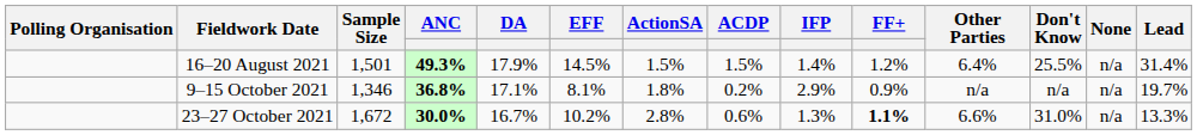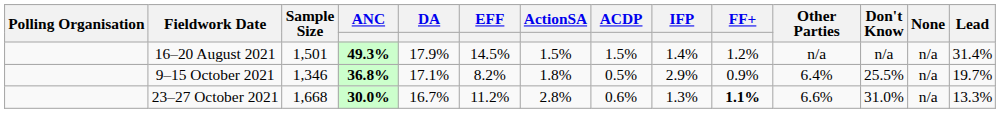 <table class="wikitable sortable mw-datatable" style="text-align:center;font-size:90%;line-height:14px;">
 <tr>
 <th rowspan="2">Polling Organisation</th>
 <th rowspan="2">Fieldwork Date</th>
 <th rowspan="2">Sample<br>Size</th>
 <th class="unsortable" style="width:50px;"><a href='#'>ANC</a></th>
 <th class="unsortable" style="width:50px;"><a href='#'>DA</a></th>
 <th class="unsortable" style="width:50px;"><a href='#'>EFF</a></th>
 <th class="unsortable" style="width:50px;"><a href='#'>ActionSA</a></th>
 <th class="unsortable" style="width:50px;"><a href='#'>ACDP</a></th>
 <th class="unsortable" style="width:50px;"><a href='#'>IFP</a></th>
 <th class="unsortable" style="width:50px;"><a href='#'>FF+</a></th>
 <th rowspan="2" class="unsortable" style="width:75px;">Other Parties</th>
 <th rowspan="2">Don't<br>Know</th>
 <th rowspan="2">None</th>
 <th rowspan="2" data-sort-type="number">Lead</th>
 </tr>
 <tr>
 <th data-sort-type="number" style="background:"></th>
 <th data-sort-type="number" style="background:"></th>
 <th data-sort-type="number" style="background:"></th>
 <th data-sort-type="number" style="background:"></th>
 <th data-sort-type="number" style="background:"></th>
 <th data-sort-type="number" style="background:"></th>
 <th data-sort-type="number" style="background:"></th>
 </tr>
 <tr>
 <td></td>
 <td>16–20 August 2021</td>
 <td>1,501</td>
 <td style="background:#CCFFCC;"><strong>49.3%</strong></td>
 <td>17.9%</td>
 <td>14.5%</td>
 <td>1.5%</td>
 <td>1.5%</td>
 <td>1.4%</td>
 <td>1.2%</td>
-<td>6.4%</td>
-<td>25.5%</td>
+<td>n/a</td>
+<td>n/a</td>
 <td>n/a</td>
 <td style="background:">31.4%</td>
 </tr>
 <tr>
 <td></td>
 <td>9–15 October 2021</td>
 <td>1,346</td>
 <td style="background:#CCFFCC;"><strong>36.8%</strong></td>
 <td>17.1%</td>
-<td>8.1%</td>
+<td>8.2%</td>
 <td>1.8%</td>
-<td>0.2%</td>
+<td>0.5%</td>
 <td>2.9%</td>
 <td>0.9%</td>
-<td>n/a</td>
-<td>n/a</td>
+<td>6.4%</td>
+<td>25.5%</td>
 <td>n/a</td>
 <td style="background:">19.7%</td>
 </tr>
 <tr>
 <td></td>
 <td>23–27 October 2021</td>
-<td>1,672</td>
+<td>1,668</td>
 <td style="background:#CCFFCC;"><strong>30.0%</strong></td>
 <td>16.7%</td>
-<td>10.2%</td>
+<td>11.2%</td>
 <td>2.8%</td>
 <td>0.6%</td>
 <td>1.3%</td>
 <td><strong>1.1%</strong></td>
 <td>6.6%</td>
 <td>31.0%</td>
 <td>n/a</td>
 <td style="background:">13.3%</td>
 </tr>
 </table>
